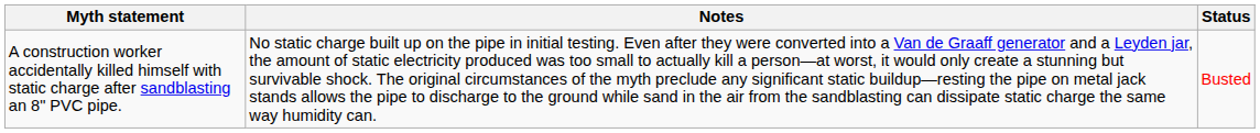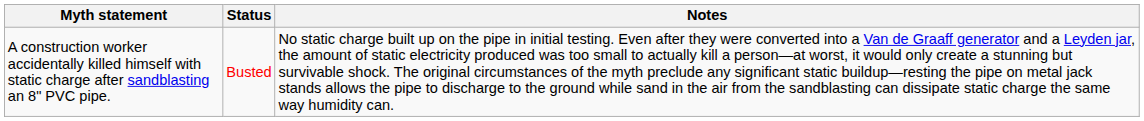 <table class="wikitable plainrowheaders">
 <tr>
 <th>Myth statement</th>
+<th>Status</th>
 <th>Notes</th>
-<th>Status</th>
 </tr>
 <tr>
 <td>A construction worker accidentally killed himself with static charge after <a href='#'>sandblasting</a> an 8" PVC pipe.</td>
+<td style="color:red">Busted</td>
 <td>No static charge built up on the pipe in initial testing. Even after they were converted into a <a href='#'>Van de Graaff generator</a> and a <a href='#'>Leyden jar</a>, the amount of static electricity produced was too small to actually kill a person—at worst, it would only create a stunning but survivable shock. The original circumstances of the myth preclude any significant static buildup—resting the pipe on metal jack stands allows the pipe to discharge to the ground while sand in the air from the sandblasting can dissipate static charge the same way humidity can.</td>
-<td style="color:red">Busted</td>
 </tr>
 </table>
